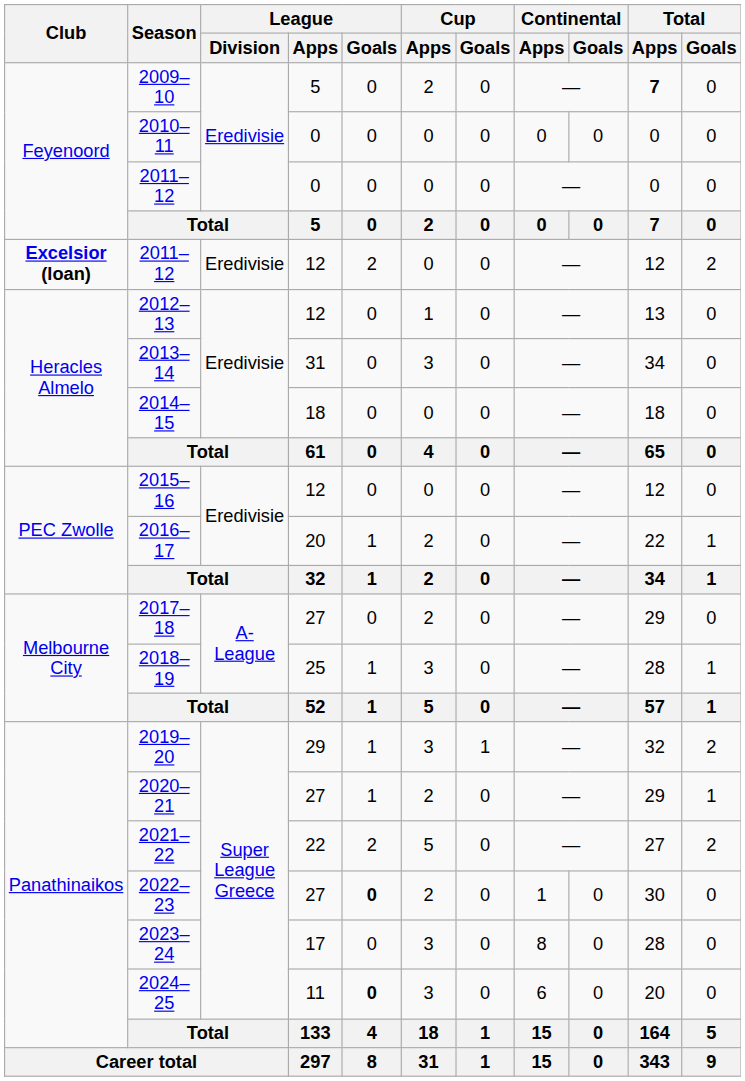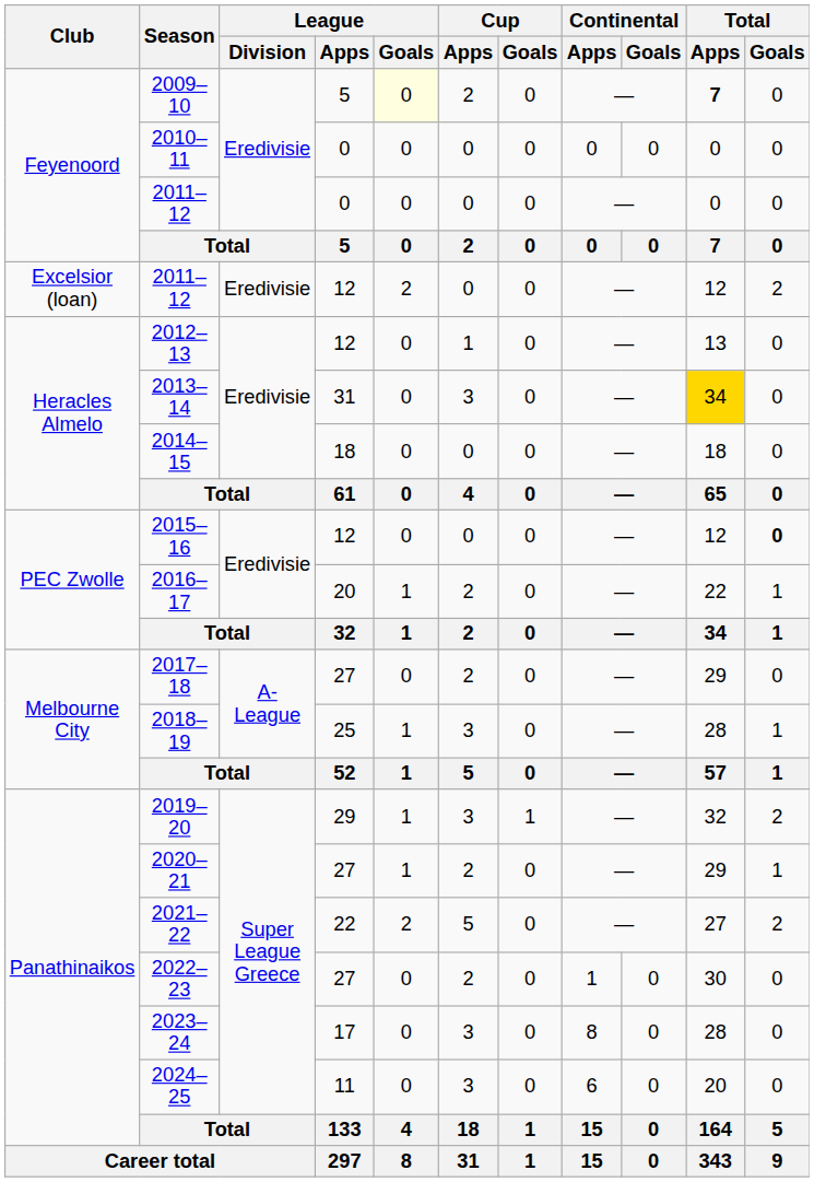 <table class="wikitable" style="text-align:center">
 <tr>
 <th rowspan=2>Club</th>
 <th rowspan=2>Season</th>
 <th colspan=3>League</th>
 <th colspan=2>Cup</th>
 <th colspan=2>Continental</th>
 <th colspan=2>Total</th>
 </tr>
 <tr>
 <th>Division</th>
 <th>Apps</th>
 <th>Goals</th>
 <th>Apps</th>
 <th>Goals</th>
 <th>Apps</th>
 <th>Goals</th>
 <th>Apps</th>
 <th>Goals</th>
 </tr>
 <tr>
 <td rowspan=4><a href='#'>Feyenoord</a></td>
 <td><a href='#'>2009–10</a></td>
 <td rowspan="3"><a href='#'>Eredivisie</a></td>
 <td>5</td>
-<td>0</td>
+<td style="background: lightyellow;">0</td>
 <td>2</td>
 <td>0</td>
 <td colspan="2">—</td>
 <td><strong>7</strong></td>
 <td>0</td>
 </tr>
 <tr>
 <td><a href='#'>2010–11</a></td>
 <td>0</td>
 <td>0</td>
 <td>0</td>
 <td>0</td>
 <td>0</td>
 <td>0</td>
 <td>0</td>
 <td>0</td>
 </tr>
 <tr>
 <td><a href='#'>2011–12</a></td>
 <td>0</td>
 <td>0</td>
 <td>0</td>
 <td>0</td>
 <td colspan="2">—</td>
 <td>0</td>
 <td>0</td>
 </tr>
 <tr>
 <th colspan="2">Total</th>
 <th>5</th>
 <th>0</th>
 <th>2</th>
 <th>0</th>
 <th>0</th>
 <th>0</th>
 <th>7</th>
 <th>0</th>
 </tr>
 <tr>
-<td><strong><a href='#'>Excelsior</a> (loan)</strong></td>
+<td><a href='#'>Excelsior</a> (loan)</td>
 <td><a href='#'>2011–12</a></td>
 <td>Eredivisie</td>
 <td>12</td>
 <td>2</td>
 <td>0</td>
 <td>0</td>
 <td colspan="2">—</td>
 <td>12</td>
 <td>2</td>
 </tr>
 <tr>
 <td rowspan=4><a href='#'>Heracles Almelo</a></td>
 <td><a href='#'>2012–13</a></td>
 <td rowspan ="3">Eredivisie</td>
 <td>12</td>
 <td>0</td>
 <td>1</td>
 <td>0</td>
 <td colspan="2">—</td>
 <td>13</td>
 <td>0</td>
 </tr>
 <tr>
 <td><a href='#'>2013–14</a></td>
 <td>31</td>
 <td>0</td>
 <td>3</td>
 <td>0</td>
 <td colspan="2">—</td>
-<td>34</td>
+<td style="background: gold;">34</td>
 <td>0</td>
 </tr>
 <tr>
 <td><a href='#'>2014–15</a></td>
 <td>18</td>
 <td>0</td>
 <td>0</td>
 <td>0</td>
 <td colspan="2">—</td>
 <td>18</td>
 <td>0</td>
 </tr>
 <tr>
 <th colspan="2">Total</th>
 <th>61</th>
 <th>0</th>
 <th>4</th>
 <th>0</th>
 <th colspan="2">—</th>
 <th>65</th>
 <th>0</th>
 </tr>
 <tr>
 <td rowspan=3><a href='#'>PEC Zwolle</a></td>
 <td><a href='#'>2015–16</a></td>
 <td rowspan="2">Eredivisie</td>
 <td>12</td>
 <td>0</td>
 <td>0</td>
 <td>0</td>
 <td colspan="2">—</td>
 <td>12</td>
-<td>0</td>
+<td><strong>0</strong></td>
 </tr>
 <tr>
 <td><a href='#'>2016–17</a></td>
 <td>20</td>
 <td>1</td>
 <td>2</td>
 <td>0</td>
 <td colspan="2">—</td>
 <td>22</td>
 <td>1</td>
 </tr>
 <tr>
 <th colspan="2">Total</th>
 <th>32</th>
 <th>1</th>
 <th>2</th>
 <th>0</th>
 <th colspan="2">—</th>
 <th>34</th>
 <th>1</th>
 </tr>
 <tr>
 <td rowspan=3><a href='#'>Melbourne City</a></td>
 <td><a href='#'>2017–18</a></td>
 <td rowspan="2"><a href='#'>A-League</a></td>
 <td>27</td>
 <td>0</td>
 <td>2</td>
 <td>0</td>
 <td colspan="2">—</td>
 <td>29</td>
 <td>0</td>
 </tr>
 <tr>
 <td><a href='#'>2018–19</a></td>
 <td>25</td>
 <td>1</td>
 <td>3</td>
 <td>0</td>
 <td colspan="2">—</td>
 <td>28</td>
 <td>1</td>
 </tr>
 <tr>
 <th colspan="2">Total</th>
 <th>52</th>
 <th>1</th>
 <th>5</th>
 <th>0</th>
 <th colspan="2">—</th>
 <th>57</th>
 <th>1</th>
 </tr>
 <tr>
 <td rowspan="7"><a href='#'>Panathinaikos</a></td>
 <td><a href='#'>2019–20</a></td>
 <td rowspan="6"><a href='#'>Super League Greece</a></td>
 <td>29</td>
 <td>1</td>
 <td>3</td>
 <td>1</td>
 <td colspan="2">—</td>
 <td>32</td>
 <td>2</td>
 </tr>
 <tr>
 <td><a href='#'>2020–21</a></td>
 <td>27</td>
 <td>1</td>
 <td>2</td>
 <td>0</td>
 <td colspan="2">—</td>
 <td>29</td>
 <td>1</td>
 </tr>
 <tr>
 <td><a href='#'>2021–22</a></td>
 <td>22</td>
 <td>2</td>
 <td>5</td>
 <td>0</td>
 <td colspan ="2">—</td>
 <td>27</td>
 <td>2</td>
 </tr>
 <tr>
 <td><a href='#'>2022–23</a></td>
 <td>27</td>
-<td><strong>0</strong></td>
+<td>0</td>
 <td>2</td>
 <td>0</td>
 <td>1</td>
 <td>0</td>
 <td>30</td>
 <td>0</td>
 </tr>
 <tr>
 <td><a href='#'>2023–24</a></td>
 <td>17</td>
 <td>0</td>
 <td>3</td>
 <td>0</td>
 <td>8</td>
 <td>0</td>
 <td>28</td>
 <td>0</td>
 </tr>
 <tr>
 <td><a href='#'>2024–25</a></td>
 <td>11</td>
-<td><strong>0</strong></td>
+<td>0</td>
 <td>3</td>
 <td>0</td>
 <td>6</td>
 <td>0</td>
 <td>20</td>
 <td>0</td>
 </tr>
 <tr>
 <th colspan="2">Total</th>
 <th>133</th>
 <th>4</th>
 <th>18</th>
 <th>1</th>
 <th>15</th>
 <th>0</th>
 <th>164</th>
 <th>5</th>
 </tr>
 <tr>
 <th colspan="3">Career total</th>
 <th>297</th>
 <th>8</th>
 <th>31</th>
 <th>1</th>
 <th>15</th>
 <th>0</th>
 <th>343</th>
 <th>9</th>
 </tr>
 </table>
